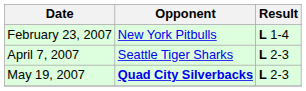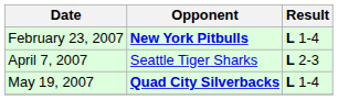 <table class="wikitable">
 <tr>
 <th>Date</th>
 <th>Opponent</th>
 <th>Result</th>
 </tr>
 <tr style="background: #ddffdd;">
 <td>February 23, 2007</td>
-<td><a href='#'>New York Pitbulls</a></td>
+<td><strong><a href='#'>New York Pitbulls</a></strong></td>
 <td><strong>L</strong> 1-4</td>
 </tr>
 <tr style="background: #ddffdd;">
 <td>April 7, 2007</td>
 <td><a href='#'>Seattle Tiger Sharks</a></td>
 <td><strong>L</strong> 2-3</td>
 </tr>
 <tr style="background: #ddffdd;">
 <td>May 19, 2007</td>
 <td><strong><a href='#'>Quad City Silverbacks</a></strong></td>
-<td><strong>L</strong> 2-3</td>
+<td><strong>L</strong> 1-4</td>
 </tr>
 <tr style="background: #ddffdd;">
 </tr>
 </table>
